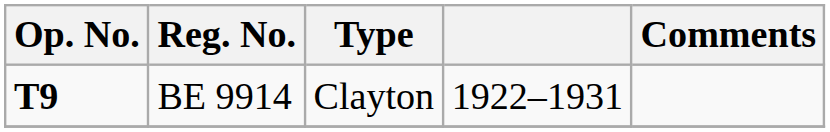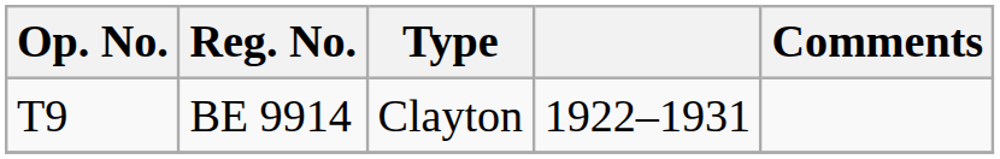 <table class="wikitable">
 <tr>
 <th>Op. No.</th>
 <th>Reg. No.</th>
 <th>Type</th>
 <th></th>
 <th>Comments</th>
 </tr>
 <tr>
-<td><strong>T9</strong></td>
+<td>T9</td>
 <td>BE 9914</td>
 <td>Clayton</td>
 <td>1922–1931</td>
 <td></td>
 </tr>
 <tr>
 </tr>
 </table>
